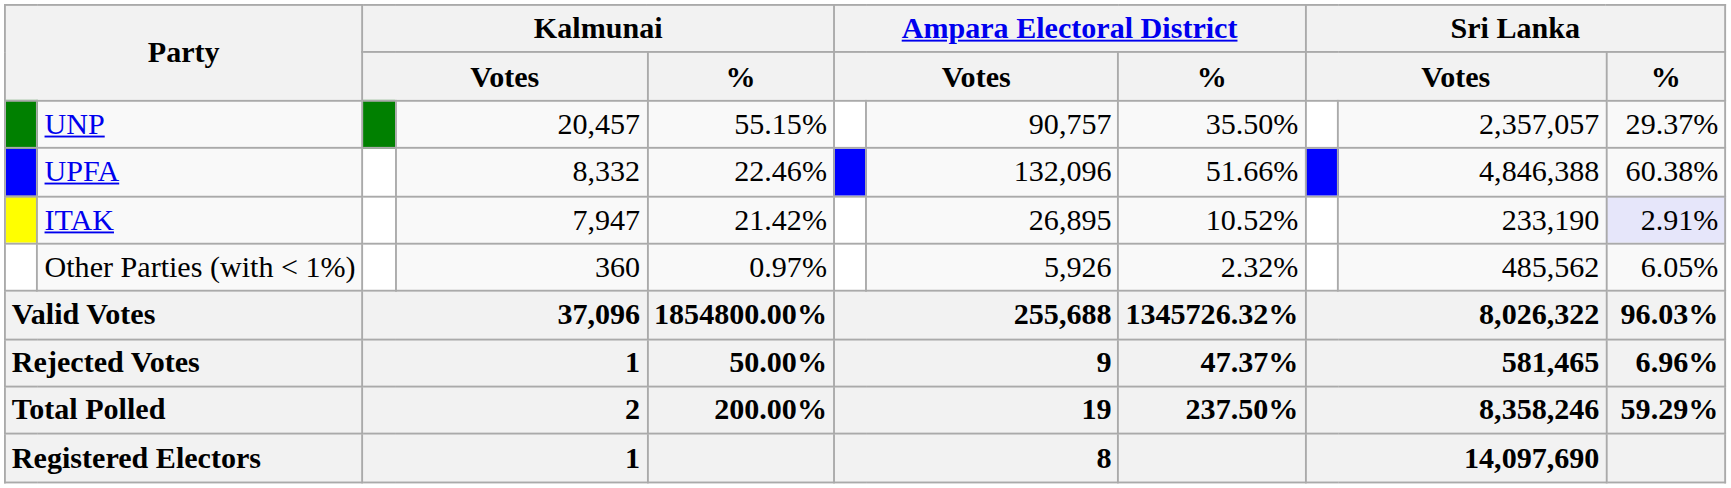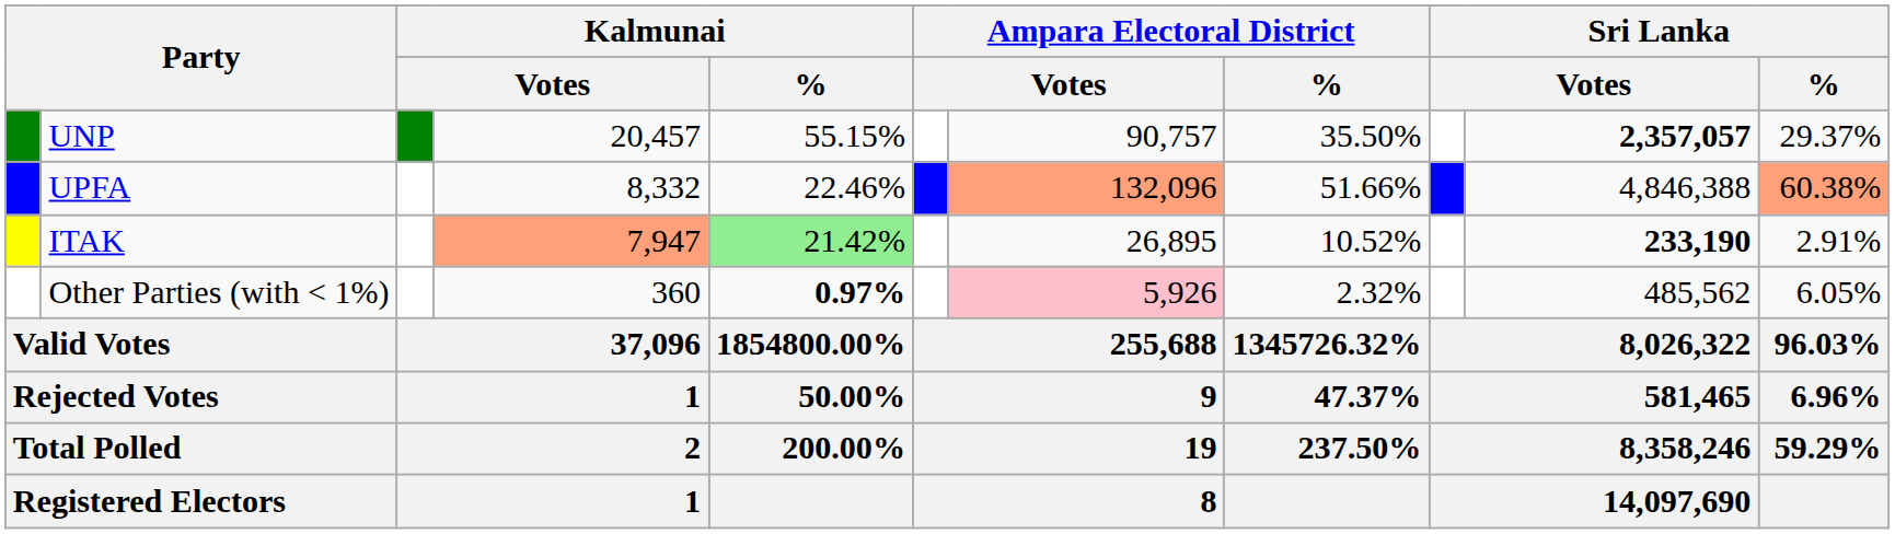 <table class="wikitable">
 <tr>
 <th colspan="2" width="144px"rowspan="2">Party</th>
 <th colspan="3" width="216px">Kalmunai</th>
 <th colspan="3" width="216px"><a href='#'>Ampara Electoral District</a></th>
 <th colspan="3" width="216px">Sri Lanka</th>
 </tr>
 <tr>
 <th colspan="2" width="144px">Votes</th>
 <th>%</th>
 <th colspan="2" width="144px">Votes</th>
 <th>%</th>
 <th colspan="2" width="144px">Votes</th>
 <th>%</th>
 </tr>
 <tr>
 <td style="background-color:green;" width="10px"></td>
 <td style="text-align:left;"><a href='#'>UNP</a></td>
 <td style="background-color:green;" width="10px"></td>
 <td style="text-align:right;">20,457</td>
 <td style="text-align:right;">55.15%</td>
 <td style="background-color:white;" width="10px"></td>
 <td style="text-align:right;">90,757</td>
 <td style="text-align:right;">35.50%</td>
 <td style="background-color:white;" width="10px"></td>
-<td style="text-align:right;">2,357,057</td>
+<td style="text-align:right;"><strong>2,357,057</strong></td>
 <td style="text-align:right;">29.37%</td>
 </tr>
 <tr>
 <td style="background-color:blue;" width="10px"></td>
 <td style="text-align:left;"><a href='#'>UPFA</a></td>
 <td style="background-color:white;" width="10px"></td>
 <td style="text-align:right;">8,332</td>
 <td style="text-align:right;">22.46%</td>
 <td style="background-color:blue;" width="10px"></td>
-<td style="text-align:right;">132,096</td>
+<td style="background: lightsalmon; text-align:right;">132,096</td>
 <td style="text-align:right;">51.66%</td>
 <td style="background-color:blue;" width="10px"></td>
 <td style="text-align:right;">4,846,388</td>
-<td style="text-align:right;">60.38%</td>
+<td style="background: lightsalmon; text-align:right;">60.38%</td>
 </tr>
 <tr>
 <td style="background-color:yellow;" width="10px"></td>
 <td style="text-align:left;"><a href='#'>ITAK</a></td>
 <td style="background-color:white;" width="10px"></td>
-<td style="text-align:right;">7,947</td>
-<td style="text-align:right;">21.42%</td>
+<td style="background: lightsalmon; text-align:right;">7,947</td>
+<td style="background: lightgreen; text-align:right;">21.42%</td>
 <td style="background-color:white;" width="10px"></td>
 <td style="text-align:right;">26,895</td>
 <td style="text-align:right;">10.52%</td>
 <td style="background-color:white;" width="10px"></td>
-<td style="text-align:right;">233,190</td>
-<td style="background: lavender; text-align:right;">2.91%</td>
+<td style="text-align:right;"><strong>233,190</strong></td>
+<td style="text-align:right;">2.91%</td>
 </tr>
 <tr>
 <td style="background-color:white;" width="10px"></td>
 <td style="text-align:left;">Other Parties (with < 1%)</td>
 <td style="background-color:white;" width="10px"></td>
 <td style="text-align:right;">360</td>
-<td style="text-align:right;">0.97%</td>
+<td style="text-align:right;"><strong>0.97%</strong></td>
 <td style="background-color:white;" width="10px"></td>
-<td style="text-align:right;">5,926</td>
+<td style="background: pink; text-align:right;">5,926</td>
 <td style="text-align:right;">2.32%</td>
 <td style="background-color:white;" width="10px"></td>
 <td style="text-align:right;">485,562</td>
 <td style="text-align:right;">6.05%</td>
 </tr>
 <tr>
 <th colspan="2" width="144px"style="text-align:left;">Valid Votes</th>
 <th style="text-align:right;"colspan="2" width="144px">37,096</th>
 <th style="text-align:right;">1854800.00%</th>
 <th style="text-align:right;"colspan="2" width="144px">255,688</th>
 <th style="text-align:right;">1345726.32%</th>
 <th style="text-align:right;"colspan="2" width="144px">8,026,322</th>
 <th style="text-align:right;">96.03%</th>
 </tr>
 <tr>
 <th colspan="2" width="144px"style="text-align:left;">Rejected Votes</th>
 <th style="text-align:right;"colspan="2" width="144px">1</th>
 <th style="text-align:right;">50.00%</th>
 <th style="text-align:right;"colspan="2" width="144px">9</th>
 <th style="text-align:right;">47.37%</th>
 <th style="text-align:right;"colspan="2" width="144px">581,465</th>
 <th style="text-align:right;">6.96%</th>
 </tr>
 <tr>
 <th colspan="2" width="144px"style="text-align:left;">Total Polled</th>
 <th style="text-align:right;"colspan="2" width="144px">2</th>
 <th style="text-align:right;">200.00%</th>
 <th style="text-align:right;"colspan="2" width="144px">19</th>
 <th style="text-align:right;">237.50%</th>
 <th style="text-align:right;"colspan="2" width="144px">8,358,246</th>
 <th style="text-align:right;">59.29%</th>
 </tr>
 <tr>
 <th colspan="2" width="144px"style="text-align:left;">Registered Electors</th>
 <th style="text-align:right;"colspan="2" width="144px">1</th>
 <th></th>
 <th style="text-align:right;"colspan="2" width="144px">8</th>
 <th></th>
 <th style="text-align:right;"colspan="2" width="144px">14,097,690</th>
 <th></th>
 </tr>
 </table>
